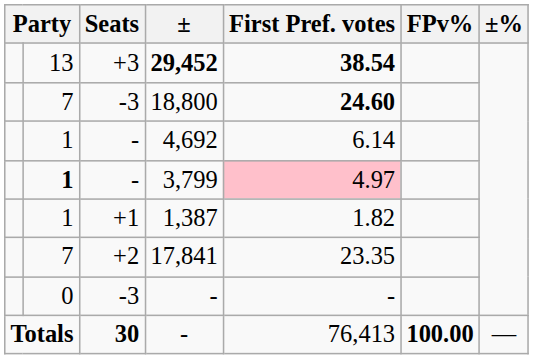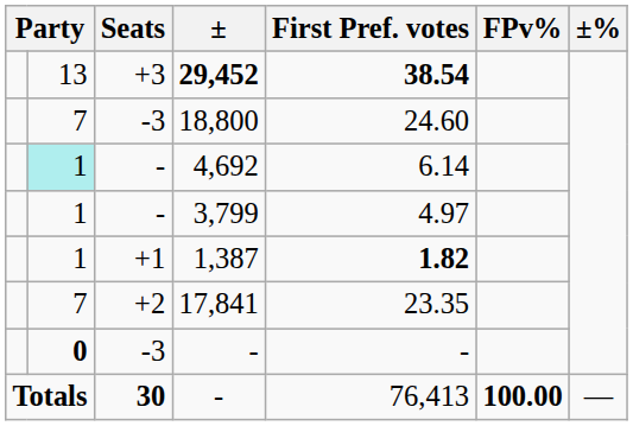 <table class=wikitable>
 <tr>
 <th colspan=2 align=center>Party</th>
 <th valign=top>Seats</th>
 <th valign=top>±</th>
 <th valign=top>First Pref. votes</th>
 <th valign=top>FPv%</th>
 <th valign=top>±%</th>
 </tr>
 <tr>
 <td></td>
 <td align=right>13</td>
 <td align=right>+3</td>
 <td align=right><strong>29,452</strong></td>
 <td align=right><strong>38.54</strong></td>
 <td align=right></td>
 </tr>
 <tr>
 <td></td>
 <td align=right>7</td>
 <td align=right>-3</td>
 <td align=right>18,800</td>
-<td align=right><strong>24.60</strong></td>
+<td align=right>24.60</td>
 <td align=right></td>
 </tr>
 <tr>
 <td></td>
-<td align=right>1</td>
+<td align=right style="background: paleturquoise;">1</td>
 <td align=right>-</td>
 <td align=right>4,692</td>
 <td align=right>6.14</td>
 <td align=right></td>
 </tr>
 <tr>
 <td></td>
-<td align=right><strong>1</strong></td>
+<td align=right>1</td>
 <td align=right>-</td>
 <td align=right>3,799</td>
-<td align=right style="background: pink;">4.97</td>
+<td align=right>4.97</td>
 <td align=right></td>
 </tr>
 <tr>
 <td></td>
 <td align=right>1</td>
 <td align=right>+1</td>
 <td align=right>1,387</td>
-<td align=right>1.82</td>
+<td align=right><strong>1.82</strong></td>
 <td align=right></td>
 </tr>
 <tr>
 <td></td>
 <td align=right>7</td>
 <td align=right>+2</td>
 <td align=right>17,841</td>
 <td align=right>23.35</td>
 <td align=right></td>
 </tr>
 <tr>
 <td></td>
-<td align=right>0</td>
+<td align=right><strong>0</strong></td>
 <td align=right>-3</td>
 <td align=right>-</td>
 <td align=right>-</td>
 <td align=right></td>
 </tr>
 <tr>
 <td colspan=2 align=center><strong>Totals</strong></td>
 <td align=right><strong>30</strong></td>
 <td align=center>-</td>
 <td align=right>76,413</td>
 <td align=center><strong>100.00</strong></td>
 <td align=center>—</td>
 </tr>
 </table>
